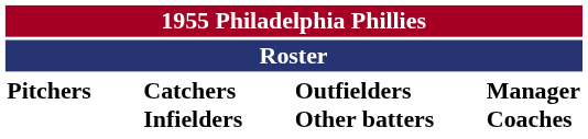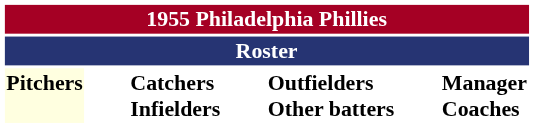 <table class="toccolours" style="font-size: 95%;">
 <tr>
 <th colspan="10" style="background-color: #A50024; color: white; text-align: center;">1955 Philadelphia Phillies</th>
 </tr>
 <tr>
 <td colspan="10" style="background-color: #263473; color: white; text-align: center;"><strong>Roster</strong></td>
 </tr>
 <tr>
-<td valign="top"><strong>Pitchers</strong><br>                </td>
+<td valign="top" style="background: lightyellow;"><strong>Pitchers</strong><br>                </td>
 <td width="25px"></td>
 <td valign="top"><strong>Catchers</strong><br>    <strong>Infielders</strong>          </td>
 <td width="25px"></td>
 <td valign="top"><strong>Outfielders</strong><br>        <strong>Other batters</strong>     </td>
 <td width="25px"></td>
 <td valign="top"><strong>Manager</strong><br> <strong>Coaches</strong>    </td>
 </tr>
 <tr>
 </tr>
 </table>
